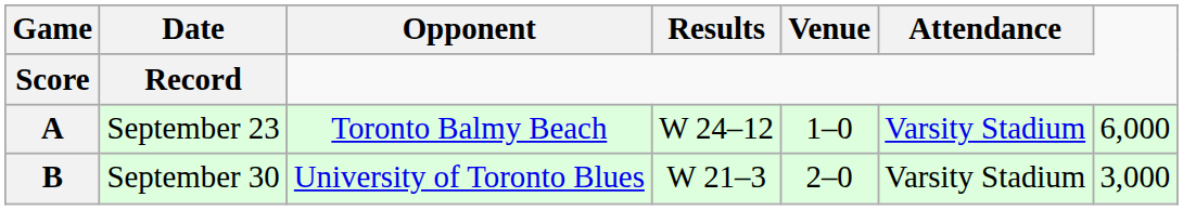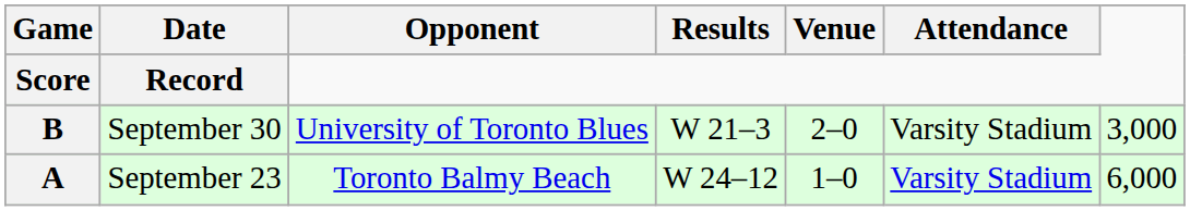 <table class="wikitable" style="text-align:center">
 <tr>
 <th>Game</th>
 <th>Date</th>
 <th>Opponent</th>
 <th>Results</th>
 <th>Venue</th>
 <th>Attendance</th>
 </tr>
 <tr>
 <th>Score</th>
 <th>Record</th>
 </tr>
 <tr style="background:#ddffdd">
+<th>B</th>
+<td>September 30</td>
+<td><a href='#'>University of Toronto Blues</a></td>
+<td>W 21–3</td>
+<td>2–0</td>
+<td>Varsity Stadium</td>
+<td>3,000</td>
+</tr>
+<tr style="background:#ddffdd">
 <th>A</th>
 <td>September 23</td>
 <td><a href='#'>Toronto Balmy Beach</a></td>
 <td>W 24–12</td>
 <td>1–0</td>
 <td><a href='#'>Varsity Stadium</a></td>
 <td>6,000</td>
 </tr>
-<tr style="background:#ddffdd">
-<th>B</th>
-<td>September 30</td>
-<td><a href='#'>University of Toronto Blues</a></td>
-<td>W 21–3</td>
-<td>2–0</td>
-<td>Varsity Stadium</td>
-<td>3,000</td>
-</tr>
 </table>
